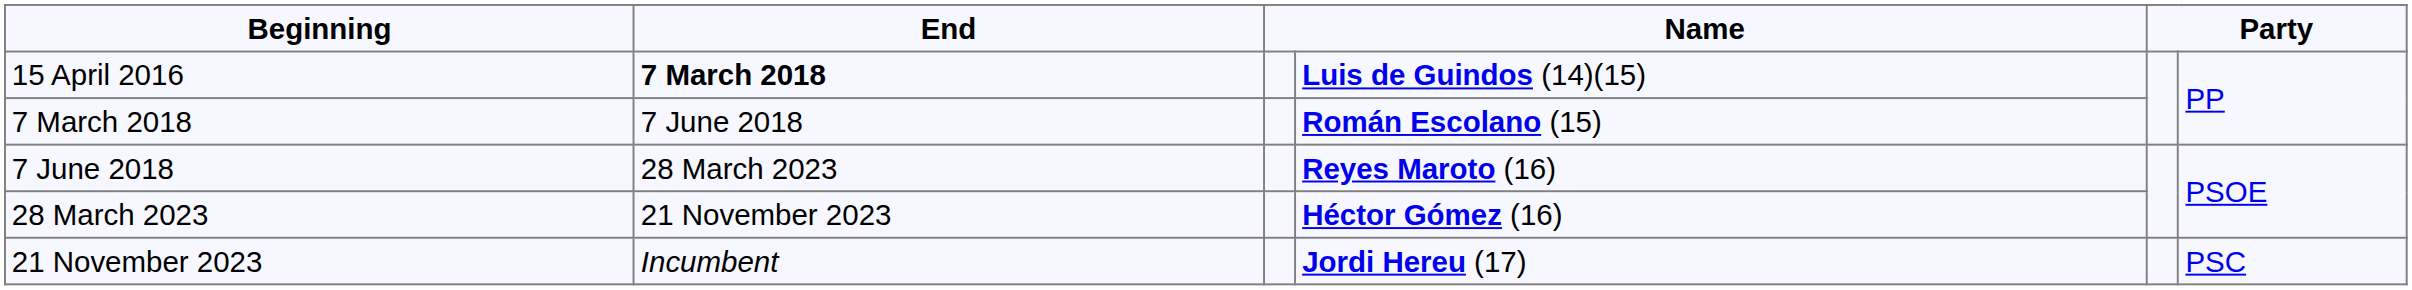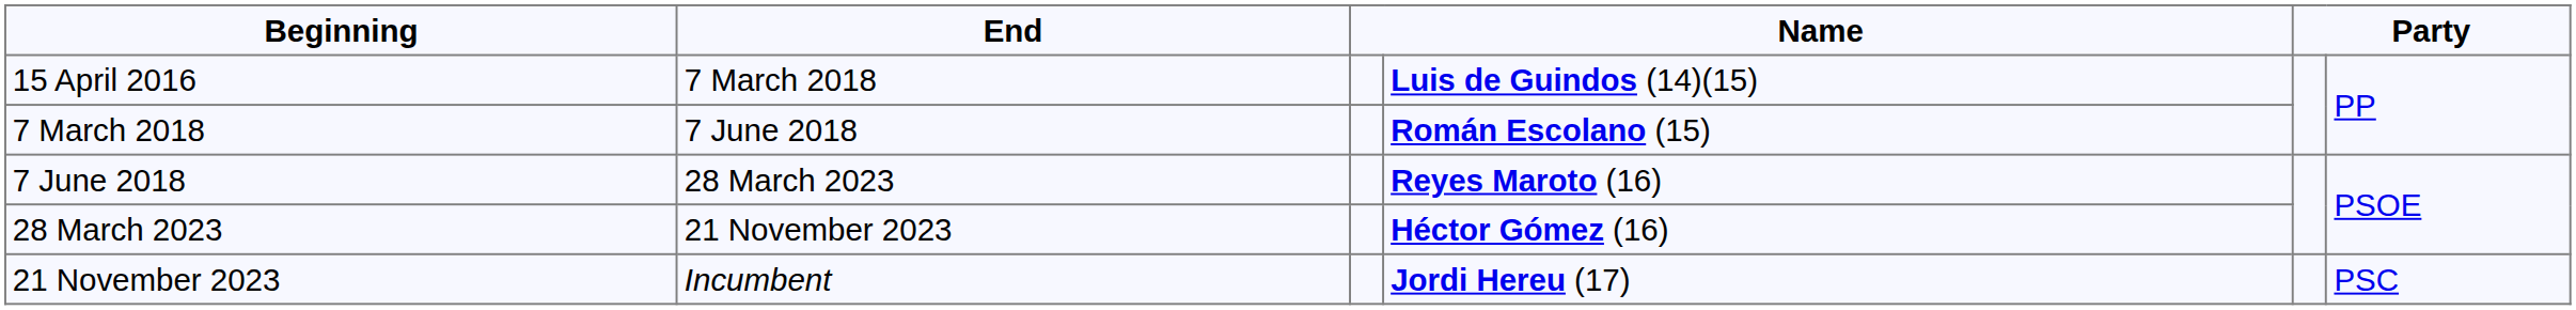 <table bgcolor="#f7f8ff" cellpadding="3" cellspacing="0" border="1" style="font-size: 95%; border: gray solid 1px; border-collapse: collapse;" width="98%">
 <tr>
 <th align="center">Beginning</th>
 <th align="center">End</th>
 <th colspan="2">Name</th>
 <th colspan="2">Party</th>
 </tr>
 <tr>
 <td>15 April 2016</td>
-<td><strong>7 March 2018</strong></td>
+<td>7 March 2018</td>
 <td></td>
 <td><strong><a href='#'>Luis de Guindos</a></strong> (14)(15)</td>
 <td rowspan="2" style="background-color: "></td>
 <td rowspan="2"><a href='#'>PP</a></td>
 </tr>
 <tr>
 <td>7 March 2018</td>
 <td>7 June 2018</td>
 <td></td>
 <td><strong><a href='#'>Román Escolano</a></strong> (15)</td>
 </tr>
 <tr>
 <td>7 June 2018</td>
 <td>28 March 2023</td>
 <td></td>
 <td><strong><a href='#'>Reyes Maroto</a></strong> (16)</td>
 <td rowspan="2" style="background-color: "></td>
 <td rowspan="2"><a href='#'>PSOE</a></td>
 </tr>
 <tr>
 <td>28 March 2023</td>
 <td>21 November 2023</td>
 <td></td>
 <td><a href='#'><strong>Héctor Gómez</strong></a> (16)</td>
 </tr>
 <tr>
 <td>21 November 2023</td>
 <td><em>Incumbent</em></td>
 <td></td>
 <td><strong><a href='#'>Jordi Hereu</a></strong>  (17)</td>
 <td style="background-color: "></td>
 <td><a href='#'>PSC</a></td>
 </tr>
 </table>
